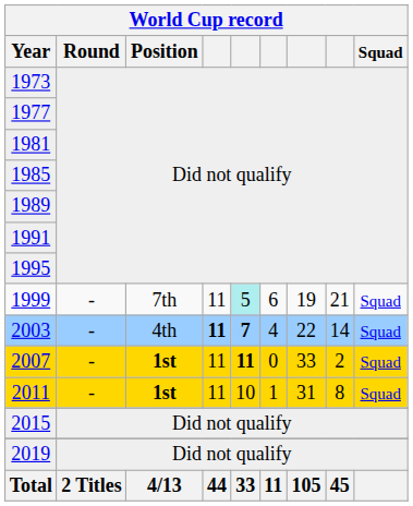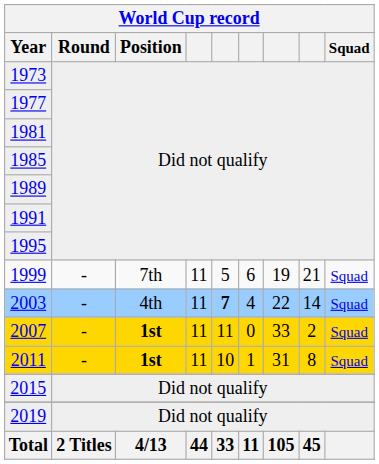 <table class="wikitable" style="text-align: center;">
 <tr>
 <th colspan=9><a href='#'>World Cup record</a></th>
 </tr>
 <tr>
 <th>Year</th>
 <th>Round</th>
 <th>Position</th>
 <th></th>
 <th></th>
 <th></th>
 <th></th>
 <th></th>
 <th><small>Squad</small></th>
 </tr>
 <tr bgcolor="efefef">
 <td> <a href='#'>1973</a></td>
 <td colspan=8 rowspan=7 align=center>Did not qualify</td>
 </tr>
 <tr bgcolor="efefef">
 <td> <a href='#'>1977</a></td>
 </tr>
 <tr bgcolor="efefef">
 <td> <a href='#'>1981</a></td>
 </tr>
 <tr bgcolor="efefef">
 <td> <a href='#'>1985</a></td>
 </tr>
 <tr bgcolor="efefef">
 <td> <a href='#'>1989</a></td>
 </tr>
 <tr bgcolor="efefef">
 <td> <a href='#'>1991</a></td>
 </tr>
 <tr bgcolor="efefef">
 <td> <a href='#'>1995</a></td>
 </tr>
 <tr>
 <td> <a href='#'>1999</a></td>
 <td>-</td>
 <td>7th</td>
 <td>11</td>
-<td style="background: paleturquoise;">5</td>
+<td>5</td>
 <td>6</td>
 <td>19</td>
 <td>21</td>
 <td><small><a href='#'>Squad</a></small></td>
 </tr>
 <tr bgcolor=#9acdff>
 <td> <a href='#'>2003</a></td>
 <td>-</td>
 <td>4th</td>
-<td><strong>11</strong></td>
+<td>11</td>
 <td><strong>7</strong></td>
 <td>4</td>
 <td>22</td>
 <td>14</td>
 <td><small><a href='#'>Squad</a></small></td>
 </tr>
 <tr bgcolor=gold>
 <td> <a href='#'>2007</a></td>
 <td>-</td>
 <td><strong>1st</strong></td>
 <td>11</td>
-<td><strong>11</strong></td>
+<td>11</td>
 <td>0</td>
 <td>33</td>
 <td>2</td>
 <td><small><a href='#'>Squad</a></small></td>
 </tr>
 <tr bgcolor=gold>
 <td> <a href='#'>2011</a></td>
 <td>-</td>
 <td><strong>1st</strong></td>
 <td>11</td>
 <td>10</td>
 <td>1</td>
 <td>31</td>
 <td>8</td>
 <td><small><a href='#'>Squad</a></small></td>
 </tr>
 <tr>
 </tr>
 <tr bgcolor="efefef">
 <td> <a href='#'>2015</a></td>
 <td colspan=8 align="center">Did not qualify</td>
 </tr>
 <tr>
 </tr>
 <tr bgcolor="efefef">
 <td> <a href='#'>2019</a></td>
 <td colspan=8 align="center">Did not qualify</td>
 </tr>
 <tr>
 <th>Total</th>
 <th>2 Titles</th>
 <th>4/13</th>
 <th>44</th>
 <th>33</th>
 <th>11</th>
 <th>105</th>
 <th>45</th>
 <th></th>
 </tr>
 </table>
